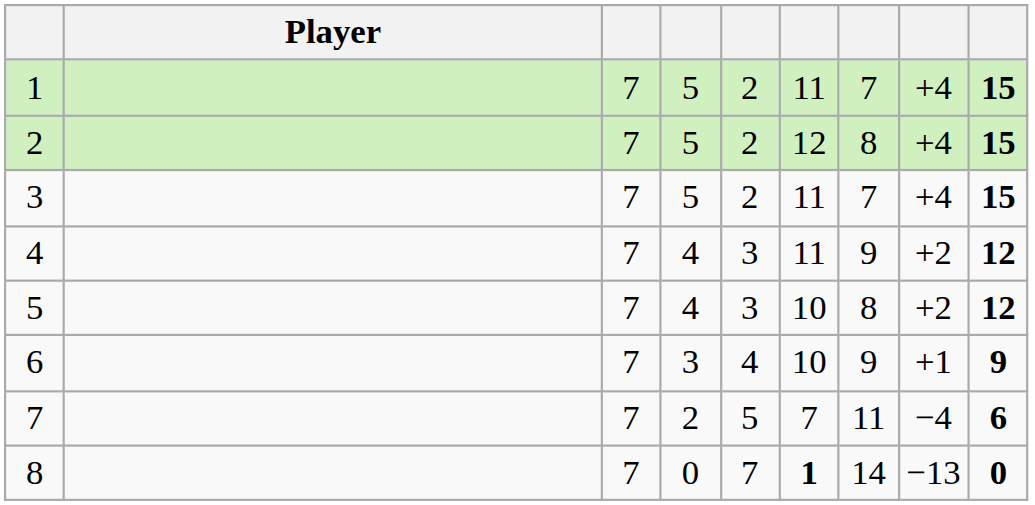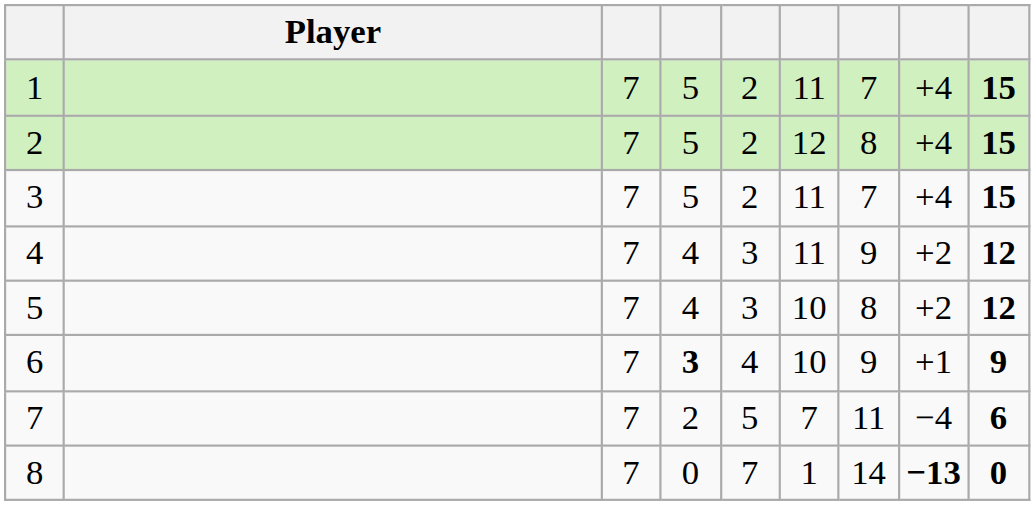 <table class="wikitable" style="text-align:center; margin: 1em auto 1em auto, align:left">
 <tr>
 <th width=20></th>
 <th width=240>Player</th>
 <th width=20></th>
 <th width=20></th>
 <th width=20></th>
 <th width=20></th>
 <th width=20></th>
 <th width=20></th>
 <th width=20></th>
 </tr>
 <tr style="background:#D0F0C0;">
 <td>1</td>
 <td align=left></td>
 <td>7</td>
 <td>5</td>
 <td>2</td>
 <td>11</td>
 <td>7</td>
 <td>+4</td>
 <td><strong>15</strong></td>
 </tr>
 <tr style="background:#D0F0C0;">
 <td>2</td>
 <td align=left></td>
 <td>7</td>
 <td>5</td>
 <td>2</td>
 <td>12</td>
 <td>8</td>
 <td>+4</td>
 <td><strong>15</strong></td>
 </tr>
 <tr style=>
 <td>3</td>
 <td align=left></td>
 <td>7</td>
 <td>5</td>
 <td>2</td>
 <td>11</td>
 <td>7</td>
 <td>+4</td>
 <td><strong>15</strong></td>
 </tr>
 <tr style=>
 <td>4</td>
 <td align=left></td>
 <td>7</td>
 <td>4</td>
 <td>3</td>
 <td>11</td>
 <td>9</td>
 <td>+2</td>
 <td><strong>12</strong></td>
 </tr>
 <tr style=>
 <td>5</td>
 <td align=left></td>
 <td>7</td>
 <td>4</td>
 <td>3</td>
 <td>10</td>
 <td>8</td>
 <td>+2</td>
 <td><strong>12</strong></td>
 </tr>
 <tr style=>
 <td>6</td>
 <td align=left></td>
 <td>7</td>
-<td>3</td>
+<td><strong>3</strong></td>
 <td>4</td>
 <td>10</td>
 <td>9</td>
 <td>+1</td>
 <td><strong>9</strong></td>
 </tr>
 <tr style=>
 <td>7</td>
 <td align=left></td>
 <td>7</td>
 <td>2</td>
 <td>5</td>
 <td>7</td>
 <td>11</td>
 <td>−4</td>
 <td><strong>6</strong></td>
 </tr>
 <tr style=>
 <td>8</td>
 <td align=left></td>
 <td>7</td>
 <td>0</td>
 <td>7</td>
-<td><strong>1</strong></td>
+<td>1</td>
 <td>14</td>
-<td>−13</td>
+<td><strong>−13</strong></td>
 <td><strong>0</strong></td>
 </tr>
 </table>
